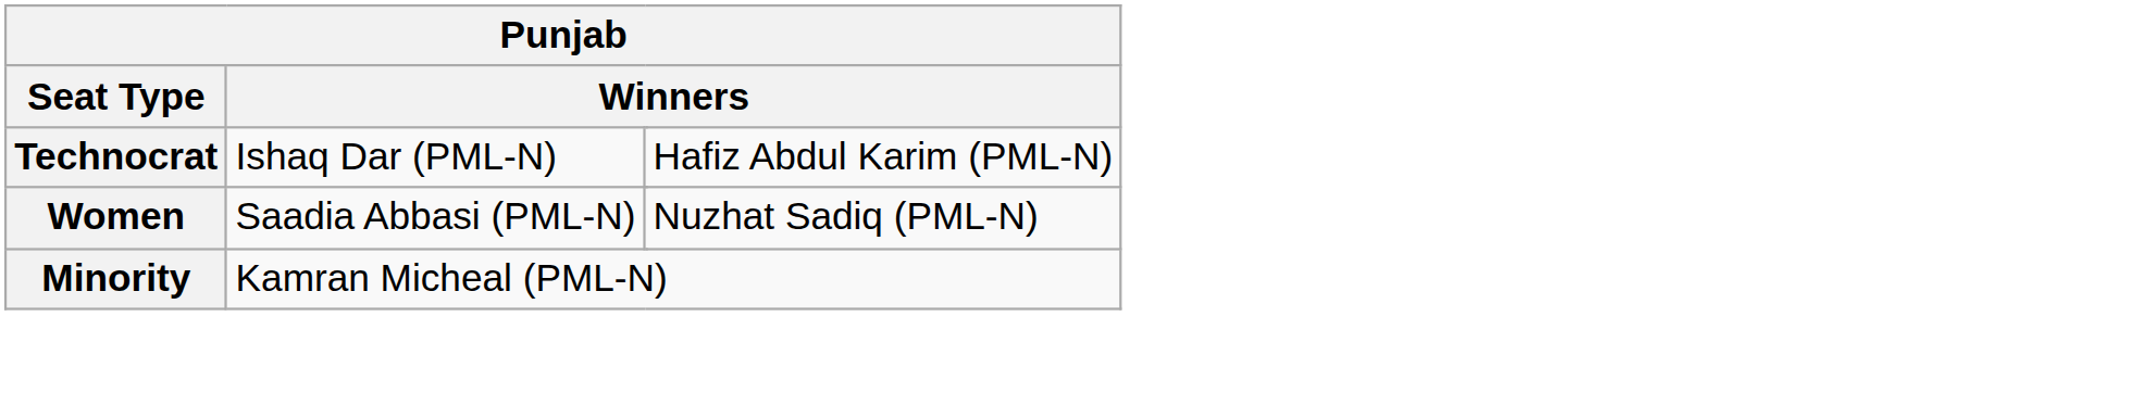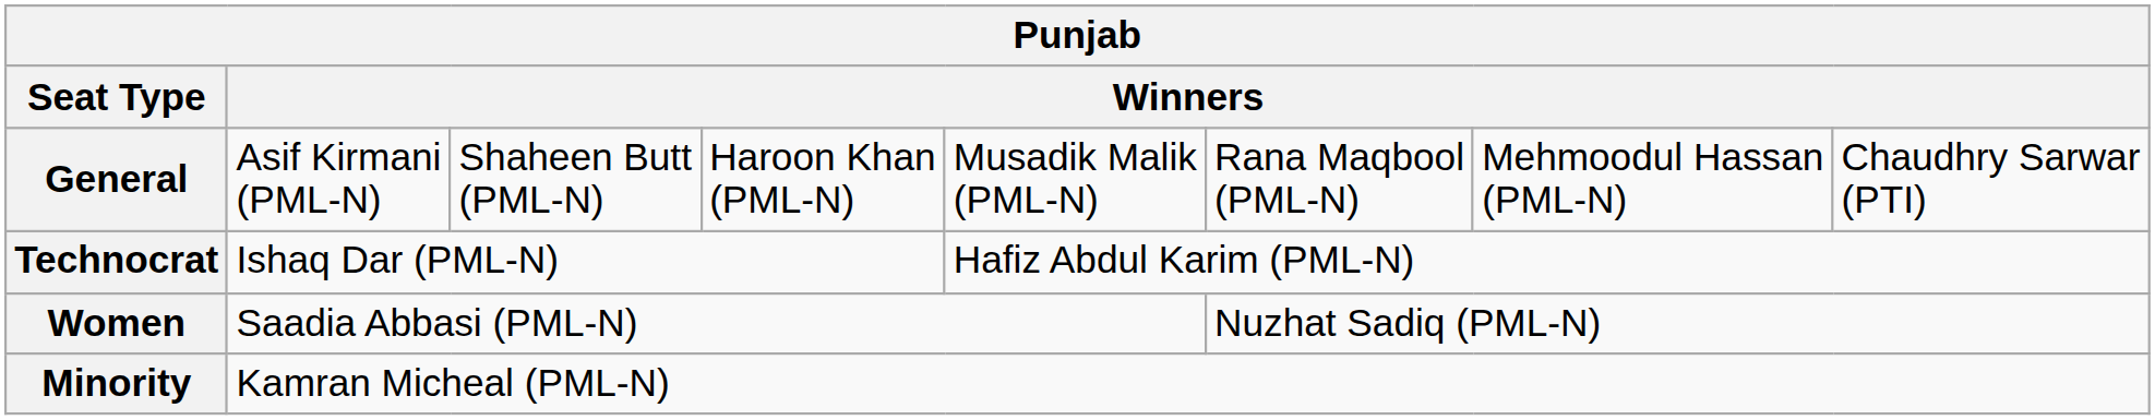 <table class="wikitable">
 <tr>
 <th colspan="8">Punjab</th>
 </tr>
 <tr>
 <th>Seat Type</th>
 <th colspan="7">Winners</th>
+</tr>
+<tr>
+<th>General</th>
+<td style="background:">Asif Kirmani<br>(PML-N)</td>
+<td style="background:">Shaheen Butt<br>(PML-N)</td>
+<td style="background:">Haroon Khan<br>(PML-N)</td>
+<td style="background:">Musadik Malik<br>(PML-N)</td>
+<td style="background:">Rana Maqbool<br>(PML-N)</td>
+<td style="background:">Mehmoodul Hassan<br>(PML-N)</td>
+<td style="background:">Chaudhry Sarwar<br>(PTI)</td>
 </tr>
 <tr>
 <th>Technocrat</th>
 <td colspan="3" style="background:">Ishaq Dar (PML-N)</td>
 <td colspan="4" style="background:">Hafiz Abdul Karim (PML-N)</td>
 </tr>
 <tr>
 <th>Women</th>
 <td colspan="4" style="background:">Saadia Abbasi (PML-N)</td>
 <td colspan="3" style="background:">Nuzhat Sadiq (PML-N)</td>
 </tr>
 <tr>
 <th>Minority</th>
 <td colspan="7" style="background:">Kamran Micheal (PML-N)</td>
 </tr>
 </table>
